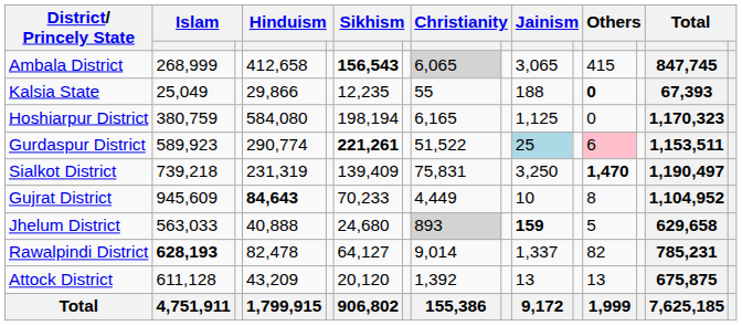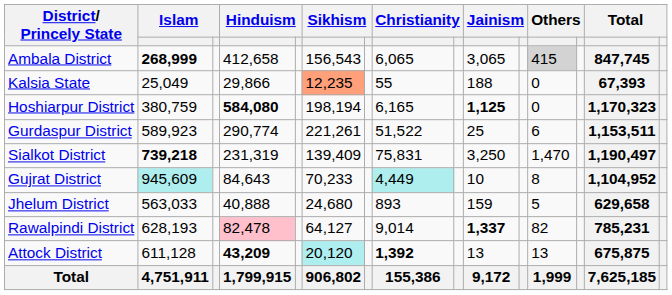 <table class="wikitable sortable">
 <tr>
 <th rowspan="2"><a href='#'>District</a>/<br><a href='#'>Princely State</a></th>
 <th colspan="2"><a href='#'>Islam</a> </th>
 <th colspan="2"><a href='#'>Hinduism</a> </th>
 <th colspan="2"><a href='#'>Sikhism</a> </th>
 <th colspan="2"><a href='#'>Christianity</a> </th>
 <th colspan="2"><a href='#'>Jainism</a> </th>
 <th colspan="2">Others</th>
 <th colspan="2">Total</th>
 </tr>
 <tr>
 <th><a href='#'></a></th>
 <th></th>
 <th></th>
 <th></th>
 <th></th>
 <th></th>
 <th></th>
 <th></th>
 <th></th>
 <th></th>
 <th></th>
 <th></th>
 <th></th>
 <th></th>
 </tr>
 <tr>
 <td><a href='#'>Ambala District</a></td>
-<td>268,999</td>
+<td><strong>268,999</strong></td>
 <td></td>
 <td>412,658</td>
 <td></td>
-<td><strong>156,543</strong></td>
+<td>156,543</td>
 <td></td>
-<td style="background: lightgrey;">6,065</td>
+<td>6,065</td>
 <td></td>
 <td>3,065</td>
 <td></td>
-<td>415</td>
+<td style="background: lightgrey;">415</td>
 <td></td>
 <th>847,745</th>
 <th></th>
 </tr>
 <tr>
 <td><a href='#'>Kalsia State</a></td>
 <td>25,049</td>
 <td></td>
 <td>29,866</td>
 <td></td>
-<td>12,235</td>
+<td style="background: lightsalmon;">12,235</td>
 <td></td>
 <td>55</td>
 <td></td>
 <td>188</td>
 <td></td>
-<td><strong>0</strong></td>
+<td>0</td>
 <td></td>
 <th>67,393</th>
 <th></th>
 </tr>
 <tr>
 <td><a href='#'>Hoshiarpur District</a></td>
 <td>380,759</td>
 <td></td>
-<td>584,080</td>
+<td><strong>584,080</strong></td>
 <td></td>
 <td>198,194</td>
 <td></td>
 <td>6,165</td>
 <td></td>
-<td>1,125</td>
+<td><strong>1,125</strong></td>
 <td></td>
 <td>0</td>
 <td></td>
 <th>1,170,323</th>
 <th></th>
 </tr>
 <tr>
 <td><a href='#'>Gurdaspur District</a></td>
 <td>589,923</td>
 <td></td>
 <td>290,774</td>
 <td></td>
-<td><strong>221,261</strong></td>
+<td>221,261</td>
 <td></td>
 <td>51,522</td>
 <td></td>
-<td style="background: lightblue;">25</td>
+<td>25</td>
 <td></td>
-<td style="background: pink;">6</td>
+<td>6</td>
 <td></td>
 <th>1,153,511</th>
 <th></th>
 </tr>
 <tr>
 <td><a href='#'>Sialkot District</a></td>
-<td>739,218</td>
+<td><strong>739,218</strong></td>
 <td></td>
 <td>231,319</td>
 <td></td>
 <td>139,409</td>
 <td></td>
 <td>75,831</td>
 <td></td>
 <td>3,250</td>
 <td></td>
-<td><strong>1,470</strong></td>
+<td>1,470</td>
 <td></td>
 <th>1,190,497</th>
 <th></th>
 </tr>
 <tr>
 <td><a href='#'>Gujrat District</a></td>
-<td>945,609</td>
+<td style="background: paleturquoise;">945,609</td>
 <td></td>
-<td><strong>84,643</strong></td>
+<td>84,643</td>
 <td></td>
 <td>70,233</td>
 <td></td>
-<td>4,449</td>
+<td style="background: paleturquoise;">4,449</td>
 <td></td>
 <td>10</td>
 <td></td>
 <td>8</td>
 <td></td>
 <th>1,104,952</th>
 <th></th>
 </tr>
 <tr>
 <td><a href='#'>Jhelum District</a></td>
 <td>563,033</td>
 <td></td>
 <td>40,888</td>
 <td></td>
 <td>24,680</td>
 <td></td>
-<td style="background: lightgrey;">893</td>
+<td>893</td>
 <td></td>
-<td><strong>159</strong></td>
+<td>159</td>
 <td></td>
 <td>5</td>
 <td></td>
 <th>629,658</th>
 <th></th>
 </tr>
 <tr>
 <td><a href='#'>Rawalpindi District</a></td>
-<td><strong>628,193</strong></td>
+<td>628,193</td>
 <td></td>
-<td>82,478</td>
+<td style="background: pink;">82,478</td>
 <td></td>
 <td>64,127</td>
 <td></td>
 <td>9,014</td>
 <td></td>
-<td>1,337</td>
+<td><strong>1,337</strong></td>
 <td></td>
 <td>82</td>
 <td></td>
 <th>785,231</th>
 <th></th>
 </tr>
 <tr>
 <td><a href='#'>Attock District</a></td>
 <td>611,128</td>
 <td></td>
-<td>43,209</td>
+<td><strong>43,209</strong></td>
 <td></td>
-<td>20,120</td>
+<td style="background: paleturquoise;">20,120</td>
 <td></td>
-<td>1,392</td>
+<td><strong>1,392</strong></td>
 <td></td>
 <td>13</td>
 <td></td>
 <td>13</td>
 <td></td>
 <th>675,875</th>
 <th></th>
 </tr>
 <tr>
 <th>Total</th>
 <th>4,751,911</th>
 <th></th>
 <th>1,799,915</th>
 <th></th>
 <th>906,802</th>
 <th></th>
 <th>155,386</th>
 <th></th>
 <th>9,172</th>
 <th></th>
 <th>1,999</th>
 <th></th>
 <th>7,625,185</th>
 <th></th>
 </tr>
 </table>
